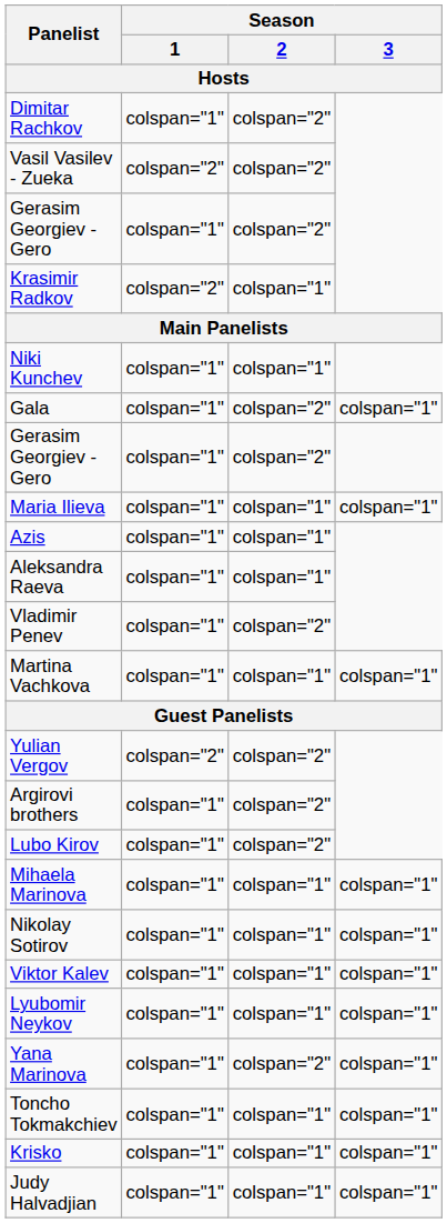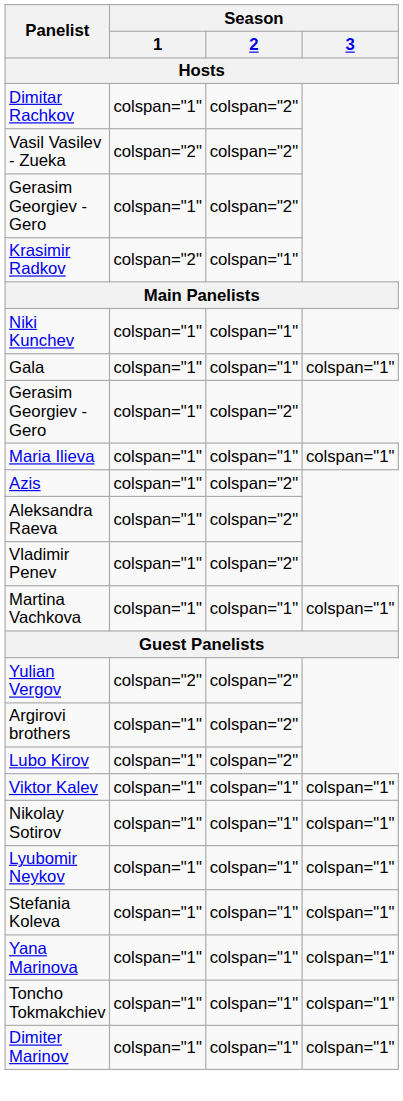 <table class="wikitable sortable mw-collapsible" style="margin-left: auto; margin-right: auto; border: none; font-size:90%; width:30%;">
 <tr>
 <th rowspan="2">Panelist</th>
 <th colspan="3" style="text-align:center;">Season</th>
 </tr>
 <tr>
 <th width="50">1</th>
 <th width="50"><a href='#'>2</a></th>
 <th width="50"><a href='#'>3</a></th>
 </tr>
 <tr>
 <th colspan="4">Hosts</th>
 </tr>
 <tr>
 <td><a href='#'>Dimitar Rachkov</a></td>
 <td>colspan="1" </td>
 <td>colspan="2" </td>
 </tr>
 <tr>
 <td>Vasil Vasilev - Zueka</td>
 <td>colspan="2" </td>
 <td>colspan="2" </td>
 </tr>
 <tr>
 <td>Gerasim Georgiev - Gero</td>
 <td>colspan="1" </td>
 <td>colspan="2" </td>
 </tr>
 <tr>
 <td><a href='#'>Krasimir Radkov</a></td>
 <td>colspan="2" </td>
 <td>colspan="1" </td>
 </tr>
 <tr>
 <th colspan="4">Main Panelists</th>
 </tr>
 <tr>
 <td><a href='#'>Niki Kunchev</a></td>
 <td>colspan="1" </td>
 <td>colspan="1" </td>
 </tr>
 <tr>
 <td>Gala</td>
 <td>colspan="1" </td>
-<td>colspan="2" </td>
+<td>colspan="1" </td>
 <td>colspan="1" </td>
 </tr>
 <tr>
 <td>Gerasim Georgiev - Gero</td>
 <td>colspan="1" </td>
 <td>colspan="2" </td>
 </tr>
 <tr>
 <td><a href='#'>Maria Ilieva</a></td>
 <td>colspan="1" </td>
 <td>colspan="1" </td>
 <td>colspan="1" </td>
 </tr>
 <tr>
 <td><a href='#'>Azis</a></td>
 <td>colspan="1" </td>
-<td>colspan="1" </td>
+<td>colspan="2" </td>
 </tr>
 <tr>
 <td>Aleksandra Raeva</td>
 <td>colspan="1" </td>
-<td>colspan="1" </td>
+<td>colspan="2" </td>
 </tr>
 <tr>
 <td>Vladimir Penev</td>
 <td>colspan="1" </td>
 <td>colspan="2" </td>
 </tr>
 <tr>
 <td>Martina Vachkova</td>
 <td>colspan="1" </td>
 <td>colspan="1" </td>
 <td>colspan="1" </td>
 </tr>
 <tr>
 <th colspan="4">Guest Panelists</th>
 </tr>
 <tr>
 <td><a href='#'>Yulian Vergov</a></td>
 <td>colspan="2" </td>
 <td>colspan="2" </td>
 </tr>
 <tr>
 <td>Argirovi brothers</td>
 <td>colspan="1" </td>
 <td>colspan="2" </td>
 </tr>
 <tr>
 <td><a href='#'>Lubo Kirov</a></td>
 <td>colspan="1" </td>
 <td>colspan="2" </td>
 </tr>
 <tr>
-<td><a href='#'>Mihaela Marinova</a></td>
+<td><a href='#'>Viktor Kalev</a></td>
 <td>colspan="1" </td>
 <td>colspan="1" </td>
 <td>colspan="1" </td>
 </tr>
 <tr>
 <td>Nikolay Sotirov</td>
 <td>colspan="1" </td>
 <td>colspan="1" </td>
 <td>colspan="1" </td>
 </tr>
 <tr>
-<td><a href='#'>Viktor Kalev</a></td>
+<td><a href='#'>Lyubomir Neykov</a></td>
 <td>colspan="1" </td>
 <td>colspan="1" </td>
 <td>colspan="1" </td>
 </tr>
 <tr>
-<td><a href='#'>Lyubomir Neykov</a></td>
+<td>Stefania Koleva</td>
 <td>colspan="1" </td>
 <td>colspan="1" </td>
 <td>colspan="1" </td>
 </tr>
 <tr>
 <td><a href='#'>Yana Marinova</a></td>
 <td>colspan="1" </td>
-<td>colspan="2" </td>
+<td>colspan="1" </td>
 <td>colspan="1" </td>
 </tr>
 <tr>
 <td>Toncho Tokmakchiev</td>
 <td>colspan="1" </td>
 <td>colspan="1" </td>
 <td>colspan="1" </td>
 </tr>
 <tr>
-<td><a href='#'>Krisko</a></td>
-<td>colspan="1" </td>
-<td>colspan="1" </td>
-<td>colspan="1" </td>
-</tr>
-<tr>
-<td>Judy Halvadjian</td>
+<td><a href='#'>Dimiter Marinov</a></td>
 <td>colspan="1" </td>
 <td>colspan="1" </td>
 <td>colspan="1" </td>
 </tr>
 </table>
